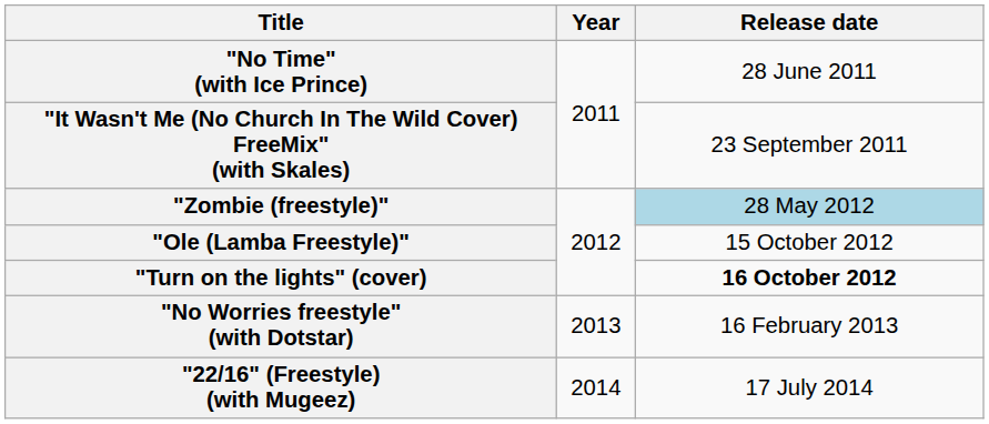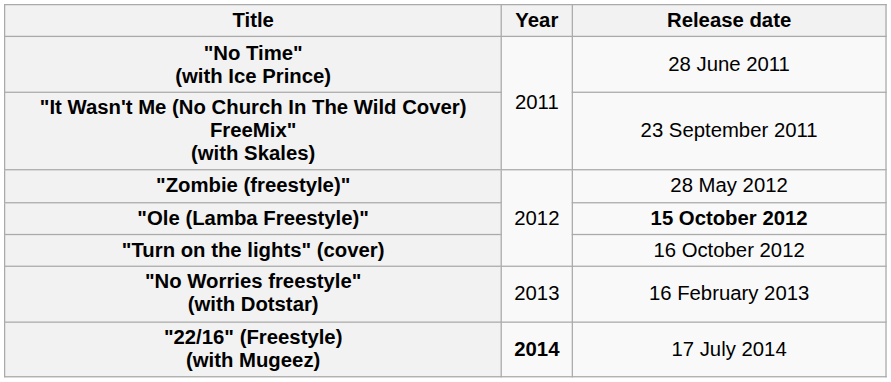 <table class="wikitable plainrowheaders" style="text-align:center;">
 <tr>
 <th style="width:24em;">Title</th>
 <th style="width:3em;">Year</th>
 <th style="width:15em;">Release date</th>
 </tr>
 <tr>
 <th scope="row">"No Time"<br><span>(with Ice Prince)</span></th>
 <td rowspan="2">2011</td>
 <td>28 June 2011</td>
 </tr>
 <tr>
 <th scope="row">"It Wasn't Me (No Church In The Wild Cover) FreeMix"<br><span>(with Skales)</span></th>
 <td>23 September 2011</td>
 </tr>
 <tr>
 <th scope="row">"Zombie (freestyle)"</th>
 <td rowspan="3">2012</td>
-<td style="background: lightblue;">28 May 2012</td>
+<td>28 May 2012</td>
 </tr>
 <tr>
 <th scope="row">"Ole (Lamba Freestyle)"</th>
-<td>15 October 2012</td>
+<td><strong>15 October 2012</strong></td>
 </tr>
 <tr>
 <th scope="row">"Turn on the lights" (cover)</th>
-<td><strong>16 October 2012</strong></td>
+<td>16 October 2012</td>
 </tr>
 <tr>
 <th scope="row">"No Worries freestyle"<br><span>(with Dotstar)</span></th>
 <td>2013</td>
 <td>16 February 2013</td>
 </tr>
 <tr>
 <th scope="row">"22/16" (Freestyle)<br><span>(with Mugeez)</span></th>
-<td>2014</td>
+<td><strong>2014</strong></td>
 <td>17 July 2014</td>
 </tr>
 </table>
